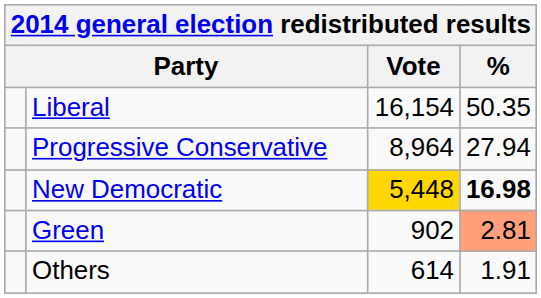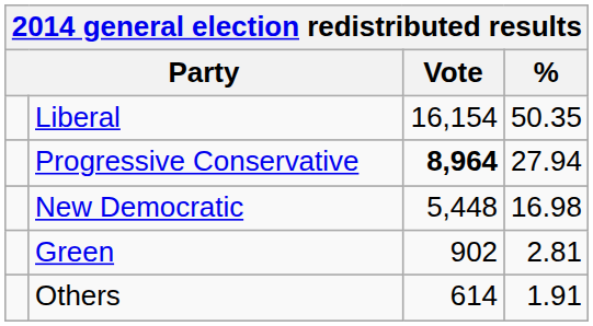 <table class="wikitable">
 <tr>
 <th colspan="4"><a href='#'>2014 general election</a> redistributed results</th>
 </tr>
 <tr>
 <th bgcolor="#DDDDFF" width="130px" colspan="2">Party</th>
 <th bgcolor="#DDDDFF" width="50px">Vote</th>
 <th bgcolor="#DDDDFF" width="30px">%</th>
 </tr>
 <tr>
 <td> </td>
 <td><a href='#'>Liberal</a></td>
 <td align=right>16,154</td>
 <td align=right>50.35</td>
 </tr>
 <tr>
 <td> </td>
 <td><a href='#'>Progressive Conservative</a></td>
-<td align=right>8,964</td>
+<td align=right><strong>8,964</strong></td>
 <td align=right>27.94</td>
 </tr>
 <tr>
 <td> </td>
 <td><a href='#'>New Democratic</a></td>
-<td align=right style="background: gold;">5,448</td>
-<td align=right><strong>16.98</strong></td>
+<td align=right>5,448</td>
+<td align=right>16.98</td>
 </tr>
 <tr>
 <td> </td>
 <td><a href='#'>Green</a></td>
 <td align=right>902</td>
-<td align=right style="background: lightsalmon;">2.81</td>
+<td align=right>2.81</td>
 </tr>
 <tr>
 <td> </td>
 <td>Others</td>
 <td align=right>614</td>
 <td align=right>1.91</td>
 </tr>
 </table>
